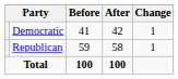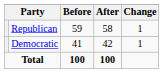 <table class="wikitable" style="text-align:center;">
 <tr>
 </tr>
 <tr>
 <th colspan=2>Party</th>
 <th>Before</th>
 <th>After</th>
 <th>Change</th>
 </tr>
 <tr>
 <th style="background-color:"></th>
-<td style="text-align:left;"><a href='#'>Democratic</a></td>
-<td>41</td>
-<td>42</td>
+<td style="text-align:left;"><a href='#'>Republican</a></td>
+<td>59</td>
+<td>58</td>
 <td> 1</td>
 </tr>
 <tr>
 <th style="background-color:"></th>
-<td style="text-align:left;"><a href='#'>Republican</a></td>
-<td>59</td>
-<td>58</td>
+<td style="text-align:left;"><a href='#'>Democratic</a></td>
+<td>41</td>
+<td>42</td>
 <td> 1</td>
 </tr>
 <tr>
 <td colspan=2><strong>Total</strong></td>
 <td><strong>100</strong></td>
 <td><strong>100</strong></td>
 <td></td>
 </tr>
 </table>
